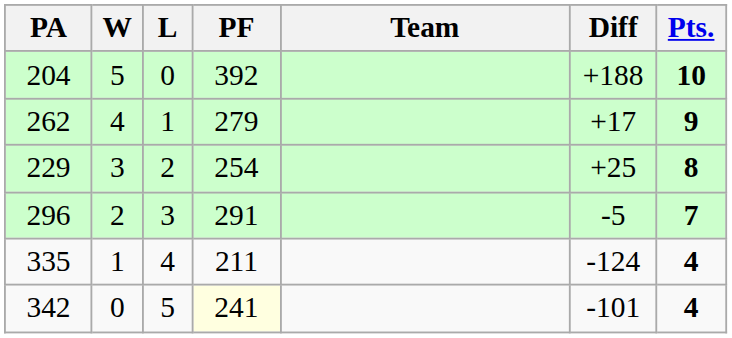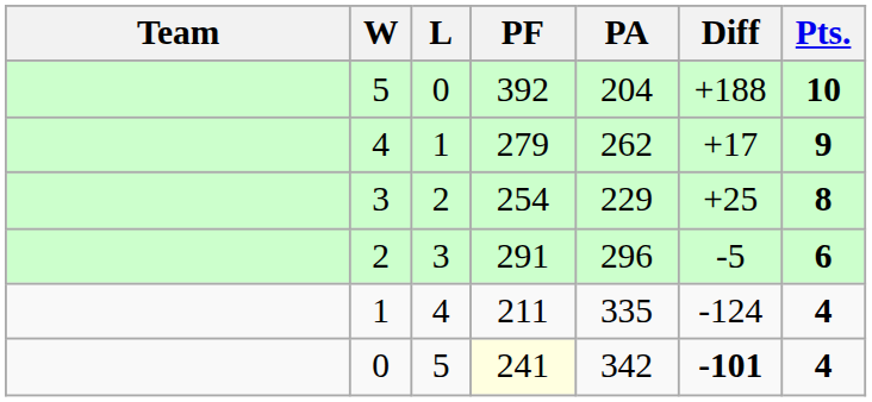 <table class=wikitable>
 <tr align=center>
-<th width=40px>PA</th>
+<th width=150px>Team</th>
 <th width=20px>W</th>
 <th width=20px>L</th>
 <th width=40px>PF</th>
-<th width=150px>Team</th>
+<th width=40px>PA</th>
 <th width=40px>Diff</th>
 <th width=30px><a href='#'>Pts.</a></th>
 </tr>
 <tr align=center bgcolor="#ccffcc">
-<td>204</td>
+<td align=left></td>
 <td>5</td>
 <td>0</td>
 <td>392</td>
-<td align=left></td>
+<td>204</td>
 <td>+188</td>
 <td><strong>10</strong></td>
 </tr>
 <tr align=center bgcolor="#ccffcc">
-<td>262</td>
+<td align=left></td>
 <td>4</td>
 <td>1</td>
 <td>279</td>
-<td align=left></td>
+<td>262</td>
 <td>+17</td>
 <td><strong>9</strong></td>
 </tr>
 <tr align=center bgcolor="#ccffcc">
-<td>229</td>
+<td align=left></td>
 <td>3</td>
 <td>2</td>
 <td>254</td>
-<td align=left></td>
+<td>229</td>
 <td>+25</td>
 <td><strong>8</strong></td>
 </tr>
 <tr align=center bgcolor="#ccffcc">
-<td>296</td>
+<td align=left></td>
 <td>2</td>
 <td>3</td>
 <td>291</td>
-<td align=left></td>
+<td>296</td>
 <td>-5</td>
-<td><strong>7</strong></td>
+<td><strong>6</strong></td>
 </tr>
 <tr align=center>
-<td>335</td>
+<td align=left></td>
 <td>1</td>
 <td>4</td>
 <td>211</td>
-<td align=left></td>
+<td>335</td>
 <td>-124</td>
 <td><strong>4</strong></td>
 </tr>
 <tr align=center>
-<td>342</td>
+<td align=left></td>
 <td>0</td>
 <td>5</td>
 <td style="background: lightyellow;">241</td>
-<td align=left></td>
-<td>-101</td>
+<td>342</td>
+<td><strong>-101</strong></td>
 <td><strong>4</strong></td>
 </tr>
 </table>
